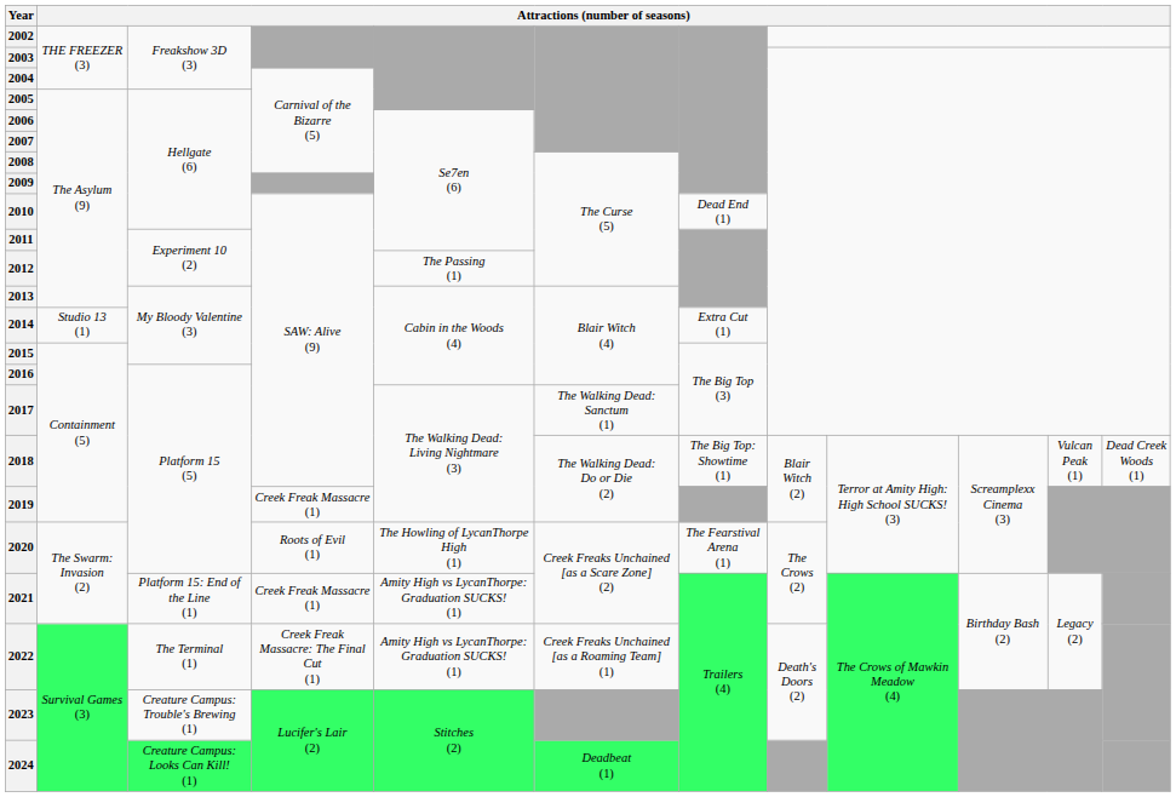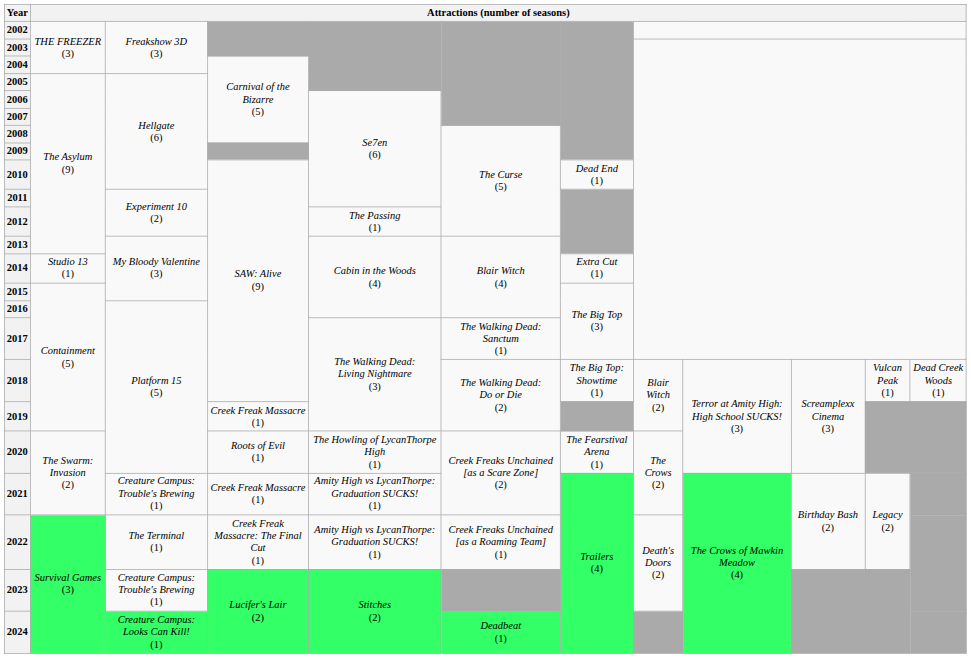 <table class="wikitable" style="text-align:center;font-size:85%;">
 <tr>
 <th>Year</th>
 <th colspan="11">Attractions (number of seasons)</th>
 </tr>
 <tr>
 <th>2002</th>
 <td rowspan="3"><em>THE FREEZER</em><br>(3)</td>
 <td rowspan="3"><em>Freakshow 3D</em><br>(3)</td>
 <td rowspan="2" style="background:#aaa;"> </td>
 <td rowspan="4" style="background:#aaa;"> </td>
 <td rowspan="6" style="background:#aaa;"> </td>
 <td rowspan="8" style="background:#aaa;"> </td>
 <td colspan="5"> </td>
 </tr>
 <tr>
 <th>2003</th>
 </tr>
 <tr>
 <th>2004</th>
 <td rowspan="5"><em>Carnival of the Bizarre</em><br>(5)</td>
 </tr>
 <tr>
 <th>2005</th>
 <td rowspan="9"><em>The Asylum</em><br>(9)</td>
 <td rowspan="6"><em>Hellgate</em><br>(6)</td>
 </tr>
 <tr>
 <th>2006</th>
 <td rowspan="6"><em>Se7en</em><br>(6)</td>
 </tr>
 <tr>
 <th>2007</th>
 </tr>
 <tr>
 <th>2008</th>
 <td rowspan="5"><em>The Curse</em><br>(5)</td>
 </tr>
 <tr>
 <th>2009</th>
 <td rowspan="1" style="background:#aaa;"> </td>
 </tr>
 <tr>
 <th>2010</th>
 <td rowspan="9"><em>SAW: Alive</em><br>(9)</td>
 <td rowspan="1"><em>Dead End</em><br>(1)</td>
 </tr>
 <tr>
 <th>2011</th>
 <td rowspan="2"><em>Experiment 10</em><br>(2)</td>
 <td rowspan="3" style="background:#aaa;"> </td>
 </tr>
 <tr>
 <th>2012</th>
 <td rowspan="1"><em>The Passing</em><br>(1)</td>
 </tr>
 <tr>
 <th>2013</th>
 <td rowspan="3"><em>My Bloody Valentine</em><br>(3)</td>
 <td rowspan="4"><em>Cabin in the Woods</em><br>(4)</td>
 <td rowspan="4"><em>Blair Witch</em><br>(4)</td>
 </tr>
 <tr>
 <th>2014</th>
 <td rowspan="1"><em>Studio 13</em><br>(1)</td>
 <td rowspan="1"><em>Extra Cut</em><br>(1)</td>
 </tr>
 <tr>
 <th>2015</th>
 <td rowspan="5"><em>Containment</em><br>(5)</td>
 <td rowspan="3"><em>The Big Top</em><br>(3)</td>
 </tr>
 <tr>
 <th>2016</th>
 <td rowspan="5"><em>Platform 15</em><br>(5)</td>
 </tr>
 <tr>
 <th>2017</th>
 <td rowspan="3"><em>The Walking Dead:<br>Living Nightmare</em><br>(3)</td>
 <td rowspan="1"><em>The Walking Dead:<br>Sanctum</em><br>(1)</td>
 </tr>
 <tr>
 <th>2018</th>
 <td rowspan="2"><em>The Walking Dead:<br>Do or Die</em><br>(2)</td>
 <td rowspan="1"><em>The Big Top: Showtime</em><br>(1)</td>
 <td rowspan="2"><em>Blair Witch</em><br>(2)</td>
 <td rowspan="3"><em>Terror at Amity High: High School SUCKS!</em><br>(3)</td>
 <td rowspan="3"><em>Screamplexx Cinema</em><br>(3)</td>
 <td rowspan="1"><em>Vulcan Peak</em><br>(1)</td>
 <td rowspan="1"><em>Dead Creek Woods</em><br>(1)</td>
 </tr>
 <tr>
 <th>2019</th>
 <td rowspan="1"><em>Creek Freak Massacre</em><br>(1)</td>
 <td colspan="1" rowspan="1" style="background:#aaa;"> </td>
 <td colspan="2" rowspan="2" style="background:#aaa;"> </td>
 </tr>
 <tr>
 <th>2020</th>
 <td rowspan="2"><em>The Swarm: Invasion</em><br>(2)</td>
 <td rowspan="1"><em>Roots of Evil</em><br>(1)</td>
 <td rowspan="1"><em>The Howling of LycanThorpe High</em><br>(1)</td>
 <td rowspan="2"><em>Creek Freaks Unchained [as a Scare Zone]</em><br>(2)</td>
 <td rowspan="1"><em>The Fearstival Arena</em><br>(1)</td>
 <td rowspan="2"><em>The Crows</em><br>(2)</td>
 </tr>
 <tr>
 <th>2021</th>
-<td rowspan="1"><em>Platform 15: End of the Line</em><br>(1)</td>
+<td rowspan="1"><em>Creature Campus: Trouble's Brewing</em><br>(1)</td>
 <td rowspan="1"><em>Creek Freak Massacre</em><br>(1)</td>
 <td rowspan="1"><em>Amity High vs LycanThorpe: Graduation SUCKS!</em><br>(1)</td>
 <td colspan="1" rowspan="4" style="background:#3f6;"><em>Trailers</em><br>(4)</td>
 <td rowspan="4" style="background:#3f6;"><em>The Crows of Mawkin Meadow</em><br>(4)</td>
 <td rowspan="2"><em>Birthday Bash</em><br>(2)</td>
 <td rowspan="2"><em>Legacy</em><br>(2)</td>
 <td colspan="1" rowspan="1" style="background:#aaa;"> </td>
 </tr>
 <tr>
 <th>2022</th>
 <td rowspan="3" style="background:#3f6;"><em>Survival Games</em><br>(3)</td>
 <td rowspan="1"><em>The Terminal</em><br>(1)</td>
 <td rowspan="1"><em>Creek Freak Massacre: The Final Cut</em><br>(1)</td>
 <td rowspan="1"><em>Amity High vs LycanThorpe: Graduation SUCKS!</em><br>(1)</td>
 <td rowspan="1"><em>Creek Freaks Unchained [as a Roaming Team]</em><br>(1)</td>
 <td rowspan="2"><em>Death's Doors</em><br>(2)</td>
 <td colspan="1" rowspan="2" style="background:#aaa;"> </td>
 </tr>
 <tr>
 <th>2023</th>
 <td rowspan="1"><em>Creature Campus: Trouble's Brewing</em><br>(1)</td>
 <td rowspan="2" style="background:#3f6;"><em>Lucifer's Lair</em><br>(2)</td>
 <td rowspan="2" style="background:#3f6;"><em>Stitches</em><br>(2)</td>
 <td colspan="1" rowspan="1" style="background:#aaa;"> </td>
 <td colspan="2" rowspan="2" style="background:#aaa;"> </td>
 </tr>
 <tr>
 <th>2024</th>
 <td rowspan="1" style="background:#3f6;"><em>Creature Campus: Looks Can Kill!</em><br>(1)</td>
 <td rowspan="1" style="background:#3f6;"><em>Deadbeat</em><br>(1)</td>
 <td colspan="1" rowspan="1" style="background:#aaa;"> </td>
 <td colspan="1" rowspan="1" style="background:#aaa;"> </td>
 </tr>
 </table>
